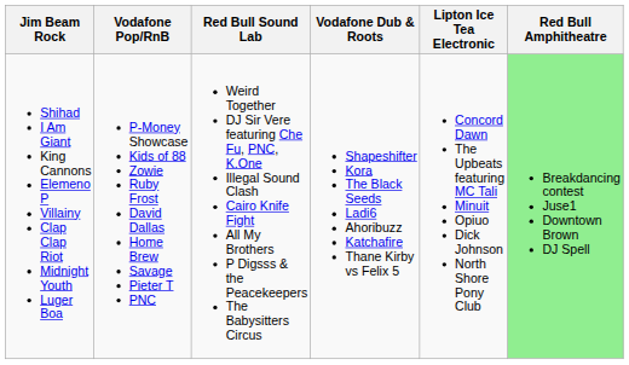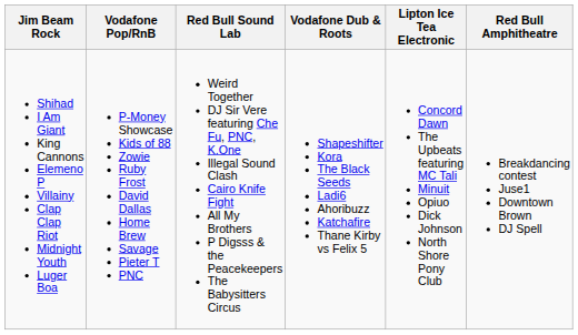 <table class="wikitable vertical-align-top">
 <tr>
 <th>Jim Beam Rock</th>
 <th>Vodafone Pop/RnB</th>
 <th>Red Bull Sound Lab</th>
 <th>Vodafone Dub & Roots</th>
 <th>Lipton Ice Tea Electronic</th>
 <th>Red Bull Amphitheatre</th>
 </tr>
 <tr>
 <td><br><ul><li><a href='#'>Shihad</a></li><li><a href='#'>I Am Giant</a></li><li>King Cannons</li><li><a href='#'>Elemeno P</a></li><li><a href='#'>Villainy</a></li><li><a href='#'>Clap Clap Riot</a></li><li><a href='#'>Midnight Youth</a></li><li><a href='#'>Luger Boa</a></li></ul></td>
 <td><br><ul><li><a href='#'>P-Money</a> Showcase</li><li><a href='#'>Kids of 88</a></li><li><a href='#'>Zowie</a></li><li><a href='#'>Ruby Frost</a></li><li><a href='#'>David Dallas</a></li><li><a href='#'>Home Brew</a></li><li><a href='#'>Savage</a></li><li><a href='#'>Pieter T</a></li><li><a href='#'>PNC</a></li></ul></td>
 <td><br><ul><li>Weird Together</li><li>DJ Sir Vere featuring <a href='#'>Che Fu</a>, <a href='#'>PNC</a>, <a href='#'>K.One</a></li><li>Illegal Sound Clash</li><li><a href='#'>Cairo Knife Fight</a></li><li>All My Brothers</li><li>P Digsss & the Peacekeepers</li><li>The Babysitters Circus</li></ul></td>
 <td><br><ul><li><a href='#'>Shapeshifter</a></li><li><a href='#'>Kora</a></li><li><a href='#'>The Black Seeds</a></li><li><a href='#'>Ladi6</a></li><li>Ahoribuzz</li><li><a href='#'>Katchafire</a></li><li>Thane Kirby vs Felix 5</li></ul></td>
 <td><br><ul><li><a href='#'>Concord Dawn</a></li><li>The Upbeats featuring <a href='#'>MC Tali</a></li><li><a href='#'>Minuit</a></li><li>Opiuo</li><li>Dick Johnson</li><li>North Shore Pony Club</li></ul></td>
-<td style="background: lightgreen;"><br><ul><li>Breakdancing contest</li><li>Juse1</li><li>Downtown Brown</li><li>DJ Spell</li></ul></td>
+<td><br><ul><li>Breakdancing contest</li><li>Juse1</li><li>Downtown Brown</li><li>DJ Spell</li></ul></td>
 </tr>
 </table>
